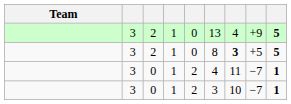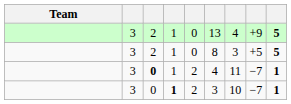 <table class="wikitable" style="text-align:center;">
 <tr>
 <th width=150>Team</th>
 <th width=20></th>
 <th width=20></th>
 <th width=20></th>
 <th width=20></th>
 <th width=20></th>
 <th width=20></th>
 <th width=20></th>
 <th width=20></th>
 </tr>
 <tr bgcolor="#ccffcc">
 <td align=left></td>
 <td>3</td>
 <td>2</td>
 <td>1</td>
 <td>0</td>
 <td>13</td>
 <td>4</td>
 <td>+9</td>
 <td><strong>5</strong></td>
 </tr>
 <tr>
 <td align=left></td>
 <td>3</td>
 <td>2</td>
 <td>1</td>
 <td>0</td>
 <td>8</td>
-<td><strong>3</strong></td>
+<td>3</td>
 <td>+5</td>
 <td><strong>5</strong></td>
 </tr>
 <tr>
 <td align=left></td>
 <td>3</td>
-<td>0</td>
+<td><strong>0</strong></td>
 <td>1</td>
 <td>2</td>
 <td>4</td>
 <td>11</td>
 <td>−7</td>
 <td><strong>1</strong></td>
 </tr>
 <tr>
 <td align=left></td>
 <td>3</td>
 <td>0</td>
-<td>1</td>
+<td><strong>1</strong></td>
 <td>2</td>
 <td>3</td>
 <td>10</td>
 <td>−7</td>
 <td><strong>1</strong></td>
 </tr>
 </table>
